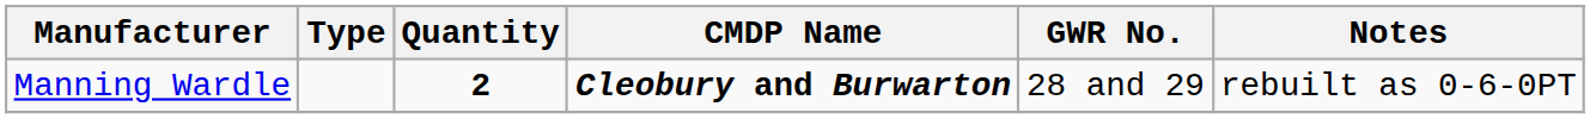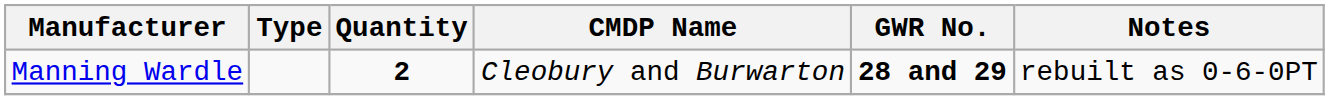 <table class=wikitable style=text-align:center>
 <tr>
 <th>Manufacturer</th>
 <th>Type</th>
 <th>Quantity</th>
 <th>CMDP Name</th>
 <th>GWR No.</th>
 <th>Notes</th>
 </tr>
 <tr>
 <td><a href='#'>Manning Wardle</a></td>
 <td></td>
 <td><strong>2</strong></td>
-<td><strong><em>Cleobury</em> and <em>Burwarton</em></strong></td>
-<td>28 and 29</td>
+<td><em>Cleobury</em> and <em>Burwarton</em></td>
+<td><strong>28 and 29</strong></td>
 <td>rebuilt as 0-6-0PT</td>
 </tr>
 <tr>
 </tr>
 </table>
